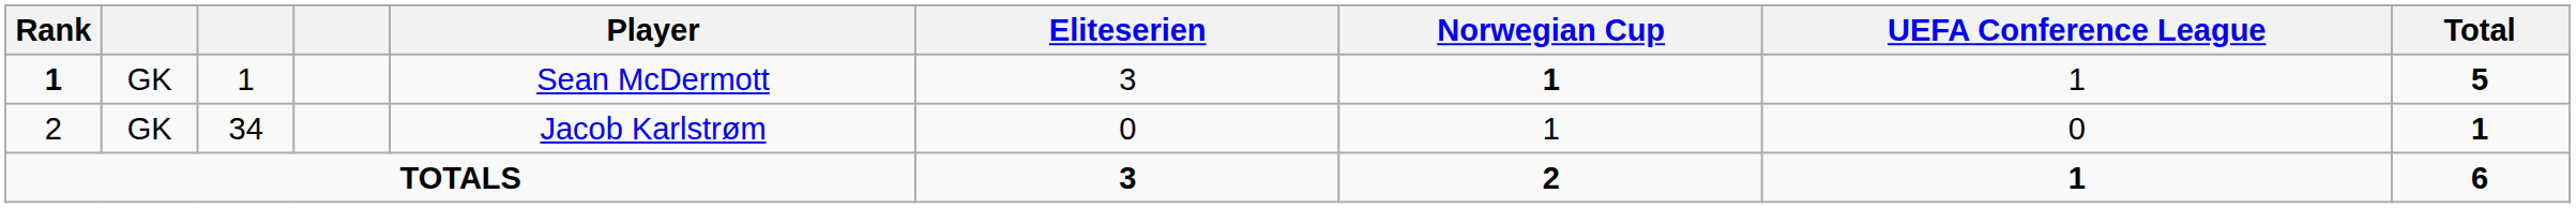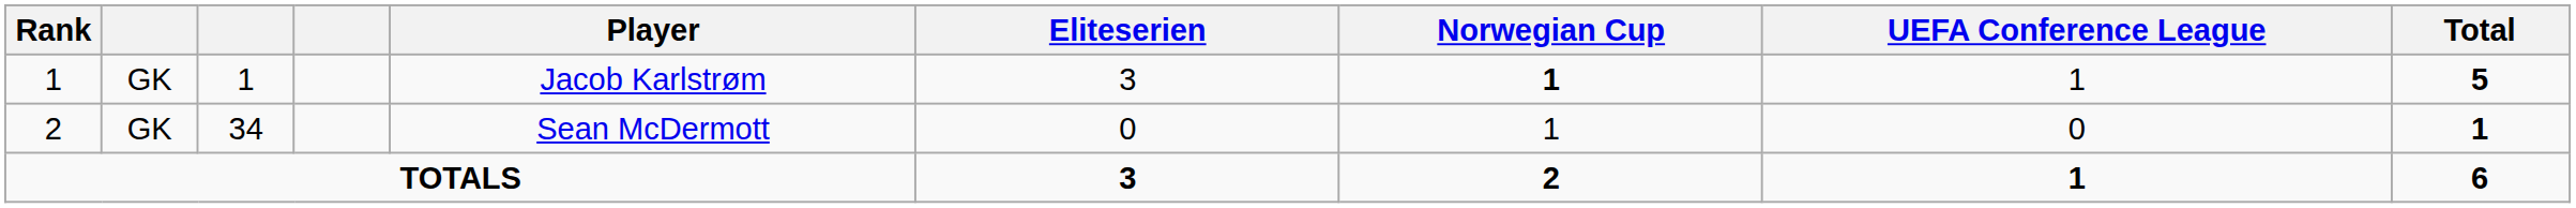 <table class="wikitable" style="font-size: 95%; text-align: center;">
 <tr>
 <th width=40>Rank</th>
 <th width=40></th>
 <th width=40></th>
 <th width=40></th>
 <th width=250>Player</th>
 <th width=200><a href='#'>Eliteserien</a></th>
 <th width=200><a href='#'>Norwegian Cup</a></th>
 <th width=300><a href='#'>UEFA Conference League</a></th>
 <th width=80><strong>Total</strong></th>
 </tr>
 <tr>
-<td><strong>1</strong></td>
+<td>1</td>
 <td>GK</td>
 <td>1</td>
 <td></td>
-<td><a href='#'>Sean McDermott</a></td>
+<td><a href='#'>Jacob Karlstrøm</a></td>
 <td>3</td>
 <td><strong>1</strong></td>
 <td>1</td>
 <td><strong>5</strong></td>
 </tr>
 <tr>
 <td>2</td>
 <td>GK</td>
 <td>34</td>
 <td></td>
-<td><a href='#'>Jacob Karlstrøm</a></td>
+<td><a href='#'>Sean McDermott</a></td>
 <td>0</td>
 <td>1</td>
 <td>0</td>
 <td><strong>1</strong></td>
 </tr>
 <tr>
 <td colspan="5"><strong>TOTALS</strong></td>
 <td><strong>3</strong></td>
 <td><strong>2</strong></td>
 <td><strong>1</strong></td>
 <td><strong>6</strong></td>
 </tr>
 </table>
